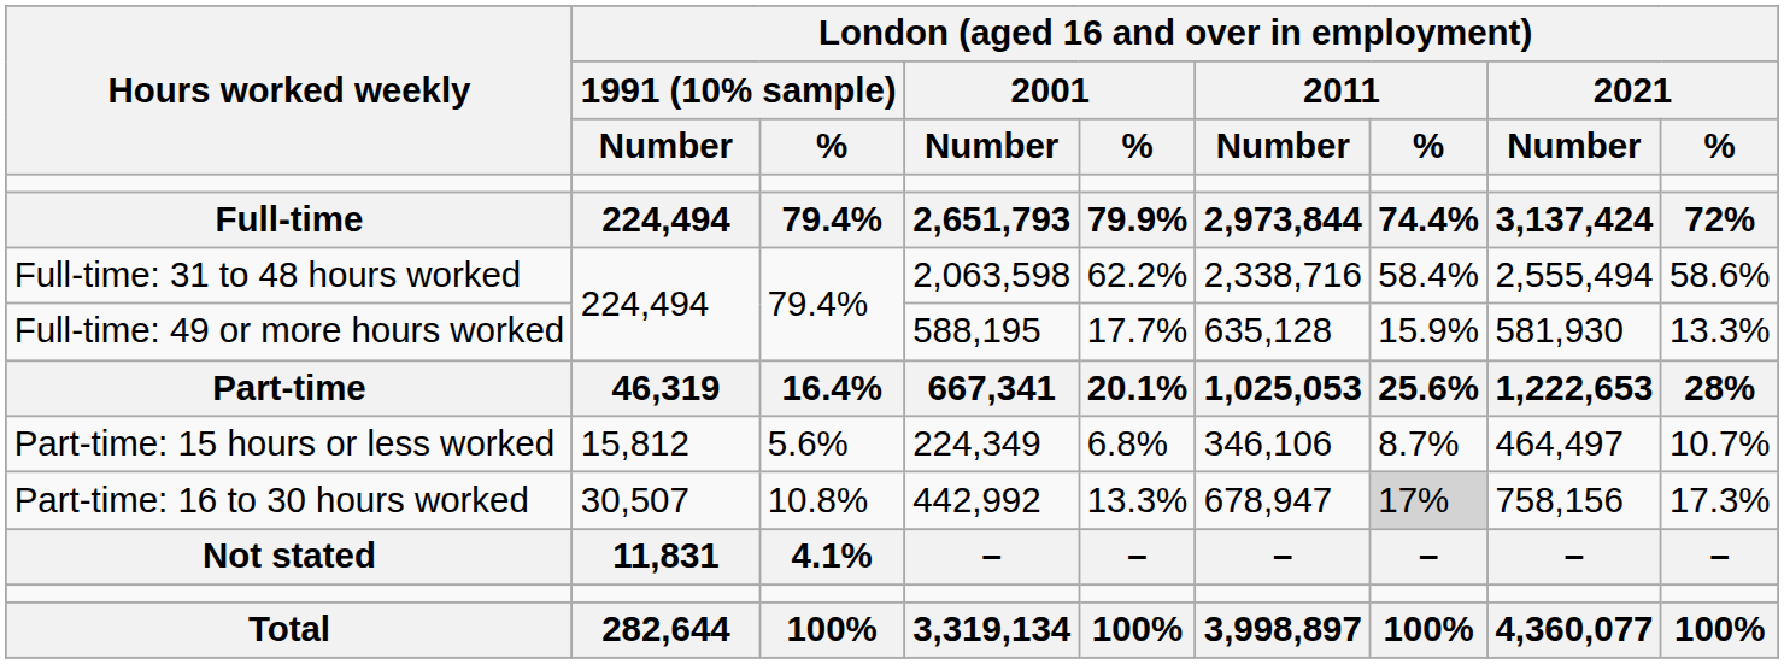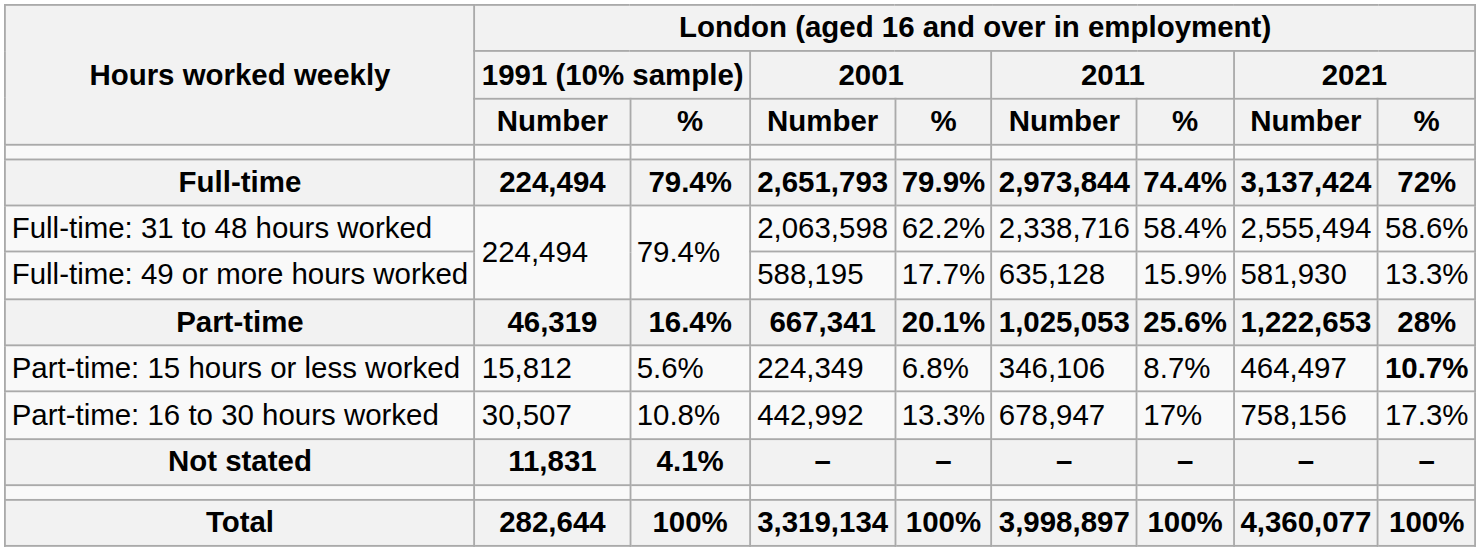 <table class="wikitable mw-collapsible">
 <tr>
 <th rowspan="3">Hours worked weekly</th>
 <th colspan="8">London (aged 16 and over in employment)</th>
 </tr>
 <tr>
 <th colspan="2">1991 (10% sample)</th>
 <th colspan="2">2001</th>
 <th colspan="2">2011</th>
 <th colspan="2">2021</th>
 </tr>
 <tr>
 <th>Number</th>
 <th>%</th>
 <th>Number</th>
 <th>%</th>
 <th>Number</th>
 <th>%</th>
 <th>Number</th>
 <th>%</th>
 </tr>
 <tr>
 <td></td>
 <td></td>
 <td></td>
 <td></td>
 <td></td>
 <td></td>
 <td></td>
 <td></td>
 <td></td>
 </tr>
 <tr>
 <th>Full-time</th>
 <th>224,494</th>
 <th>79.4%</th>
 <th>2,651,793</th>
 <th>79.9%</th>
 <th>2,973,844</th>
 <th>74.4%</th>
 <th>3,137,424</th>
 <th>72%</th>
 </tr>
 <tr>
 <td>Full-time: 31 to 48 hours worked</td>
 <td rowspan="2">224,494</td>
 <td rowspan="2">79.4%</td>
 <td>2,063,598</td>
 <td>62.2%</td>
 <td>2,338,716</td>
 <td>58.4%</td>
 <td>2,555,494</td>
 <td>58.6%</td>
 </tr>
 <tr>
 <td>Full-time: 49 or more hours worked</td>
 <td>588,195</td>
 <td>17.7%</td>
 <td>635,128</td>
 <td>15.9%</td>
 <td>581,930</td>
 <td>13.3%</td>
 </tr>
 <tr>
 <th>Part-time</th>
 <th>46,319</th>
 <th>16.4%</th>
 <th>667,341</th>
 <th>20.1%</th>
 <th>1,025,053</th>
 <th>25.6%</th>
 <th>1,222,653</th>
 <th>28%</th>
 </tr>
 <tr>
 <td>Part-time: 15 hours or less worked</td>
 <td>15,812</td>
 <td>5.6%</td>
 <td>224,349</td>
 <td>6.8%</td>
 <td>346,106</td>
 <td>8.7%</td>
 <td>464,497</td>
-<td>10.7%</td>
+<td><strong>10.7%</strong></td>
 </tr>
 <tr>
 <td>Part-time: 16 to 30 hours worked</td>
 <td>30,507</td>
 <td>10.8%</td>
 <td>442,992</td>
 <td>13.3%</td>
 <td>678,947</td>
-<td style="background: lightgrey;">17%</td>
+<td>17%</td>
 <td>758,156</td>
 <td>17.3%</td>
 </tr>
 <tr>
 <th>Not stated</th>
 <th>11,831</th>
 <th>4.1%</th>
 <th>–</th>
 <th>–</th>
 <th>–</th>
 <th>–</th>
 <th>–</th>
 <th>–</th>
 </tr>
 <tr>
 <td></td>
 <td></td>
 <td></td>
 <td></td>
 <td></td>
 <td></td>
 <td></td>
 <td></td>
 <td></td>
 </tr>
 <tr>
 <th>Total</th>
 <th>282,644</th>
 <th>100%</th>
 <th>3,319,134</th>
 <th>100%</th>
 <th>3,998,897</th>
 <th>100%</th>
 <th>4,360,077</th>
 <th>100%</th>
 </tr>
 </table>
